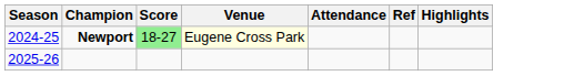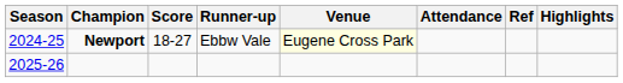 <table class="wikitable">
 <tr>
 <th>Season</th>
 <th> Champion</th>
 <th>Score</th>
+<th> Runner-up</th>
 <th>Venue</th>
 <th>Attendance</th>
 <th>Ref</th>
 <th>Highlights</th>
 </tr>
 <tr>
 <td><a href='#'>2024-25</a></td>
 <td style="text-align:right;"><strong>Newport</strong></td>
-<td style="background: lightgreen; text-align:center;">18-27</td>
+<td style="text-align:center;">18-27</td>
+<td style="text-align:left;">Ebbw Vale</td>
 <td style="background: lightyellow;">Eugene Cross Park</td>
 <td></td>
 <td></td>
 <td></td>
 </tr>
 <tr>
 <td><a href='#'>2025-26</a></td>
 <td style="text-align:right;"></td>
 <td style="text-align:center;"></td>
+<td style="text-align:left;"></td>
 <td></td>
 <td></td>
 <td></td>
 <td></td>
 </tr>
 </table>
